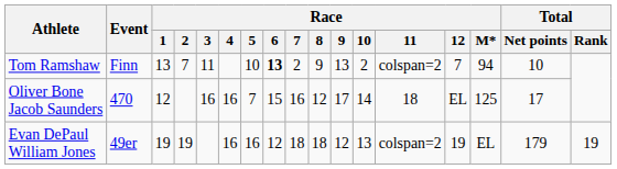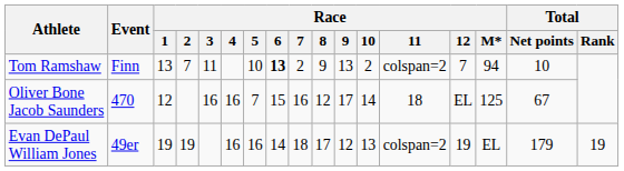 <table class=wikitable style=font-size:90%;text-align:center>
 <tr>
 <th rowspan=2>Athlete</th>
 <th rowspan=2>Event</th>
 <th colspan=13>Race</th>
 <th colspan=2>Total</th>
 </tr>
 <tr style=font-size:95%>
 <th>1</th>
 <th>2</th>
 <th>3</th>
 <th>4</th>
 <th>5</th>
 <th>6</th>
 <th>7</th>
 <th>8</th>
 <th>9</th>
 <th>10</th>
 <th>11</th>
 <th>12</th>
 <th>M*</th>
 <th>Net points</th>
 <th>Rank</th>
 </tr>
 <tr>
 <td align=left><a href='#'>Tom Ramshaw</a></td>
 <td align=left><a href='#'>Finn</a></td>
 <td>13</td>
 <td>7</td>
 <td>11</td>
 <td></td>
 <td>10</td>
 <td><strong>13</strong></td>
 <td>2</td>
 <td>9</td>
 <td>13</td>
 <td>2</td>
 <td>colspan=2 </td>
 <td>7</td>
 <td>94</td>
 <td>10</td>
 </tr>
 <tr>
 <td align=left><a href='#'>Oliver Bone</a><br><a href='#'>Jacob Saunders</a></td>
 <td align=left><a href='#'>470</a></td>
 <td>12</td>
 <td></td>
 <td>16</td>
 <td>16</td>
 <td>7</td>
 <td>15</td>
 <td>16</td>
 <td>12</td>
 <td>17</td>
 <td>14</td>
 <td>18</td>
 <td>EL</td>
 <td>125</td>
-<td>17</td>
+<td>67</td>
 </tr>
 <tr>
 <td align=left><a href='#'>Evan DePaul</a><br><a href='#'>William Jones</a></td>
 <td align=left><a href='#'>49er</a></td>
 <td>19</td>
 <td>19</td>
 <td></td>
 <td>16</td>
 <td>16</td>
-<td>12</td>
+<td>14</td>
 <td>18</td>
-<td>18</td>
+<td>17</td>
 <td>12</td>
 <td>13</td>
 <td>colspan=2 </td>
 <td>19</td>
 <td>EL</td>
 <td>179</td>
 <td>19</td>
 </tr>
 </table>
